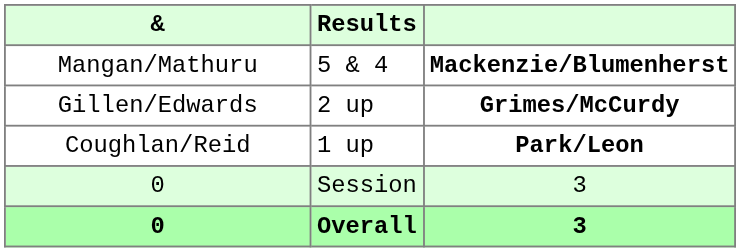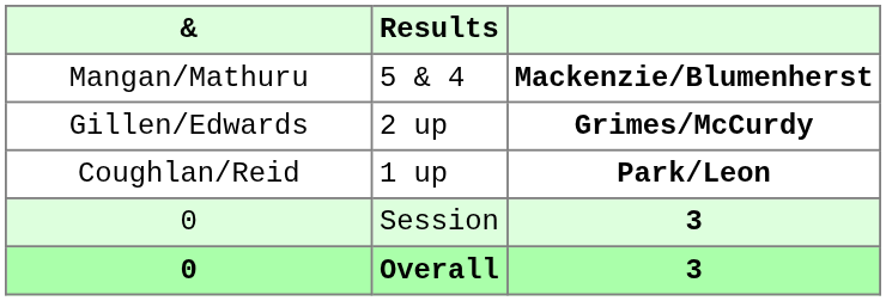 <table border="1" cellpadding="3" style="border-collapse:collapse; text-align:center;">
 <tr style="background:#ddffdd;">
 <th width=160> & </th>
 <th>Results</th>
 <th width=160></th>
 </tr>
 <tr>
 <td>Mangan/Mathuru</td>
 <td align=left> 5 & 4</td>
 <td><strong>Mackenzie/Blumenherst</strong></td>
 </tr>
 <tr>
 <td>Gillen/Edwards</td>
 <td align=left> 2 up</td>
 <td><strong>Grimes/McCurdy</strong></td>
 </tr>
 <tr>
 <td>Coughlan/Reid</td>
 <td align=left> 1 up</td>
 <td><strong>Park/Leon</strong></td>
 </tr>
 <tr style="background:#ddffdd;">
 <td>0</td>
 <td>Session</td>
-<td>3</td>
+<td><strong>3</strong></td>
 </tr>
 <tr style="background:#aaffaa;">
 <th>0</th>
 <th>Overall</th>
 <th>3</th>
 </tr>
 </table>
